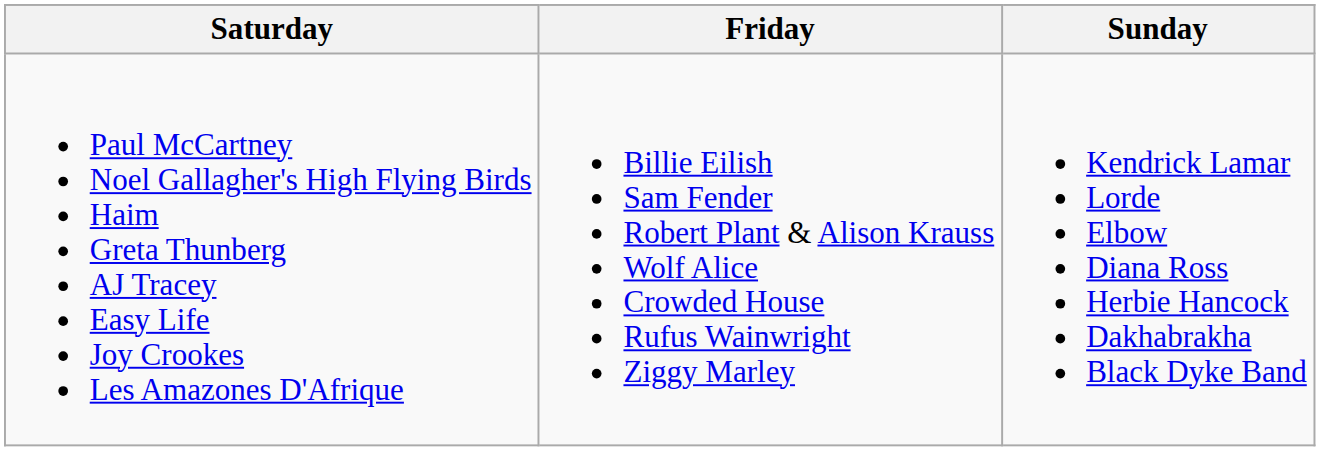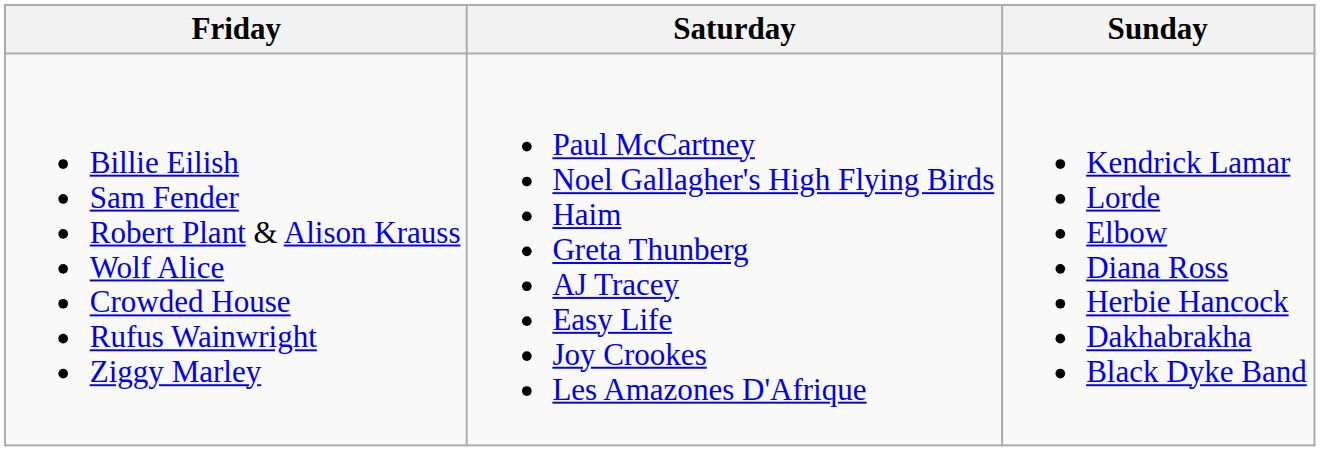 <table class="wikitable">
 <tr>
+<th>Friday</th>
 <th>Saturday</th>
-<th>Friday</th>
 <th>Sunday</th>
 </tr>
 <tr>
+<td><br><ul><li><a href='#'>Billie Eilish</a></li><li><a href='#'>Sam Fender</a></li><li><a href='#'>Robert Plant</a> & <a href='#'>Alison Krauss</a></li><li><a href='#'>Wolf Alice</a></li><li><a href='#'>Crowded House</a></li><li><a href='#'>Rufus Wainwright</a></li><li><a href='#'>Ziggy Marley</a></li></ul></td>
 <td><br><ul><li><a href='#'>Paul McCartney</a></li><li><a href='#'>Noel Gallagher's High Flying Birds</a></li><li><a href='#'>Haim</a></li><li><a href='#'>Greta Thunberg</a></li><li><a href='#'>AJ Tracey</a></li><li><a href='#'>Easy Life</a></li><li><a href='#'>Joy Crookes</a></li><li><a href='#'>Les Amazones D'Afrique</a></li></ul></td>
-<td><br><ul><li><a href='#'>Billie Eilish</a></li><li><a href='#'>Sam Fender</a></li><li><a href='#'>Robert Plant</a> & <a href='#'>Alison Krauss</a></li><li><a href='#'>Wolf Alice</a></li><li><a href='#'>Crowded House</a></li><li><a href='#'>Rufus Wainwright</a></li><li><a href='#'>Ziggy Marley</a></li></ul></td>
 <td><br><ul><li><a href='#'>Kendrick Lamar</a></li><li><a href='#'>Lorde</a></li><li><a href='#'>Elbow</a></li><li><a href='#'>Diana Ross</a></li><li><a href='#'>Herbie Hancock</a></li><li><a href='#'>Dakhabrakha</a></li><li><a href='#'>Black Dyke Band</a></li></ul></td>
 </tr>
 </table>
